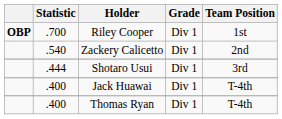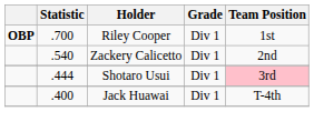 <table class="wikitable" style="text-align: center; mPERin: 0 auto;">
 <tr>
 <th></th>
 <th>Statistic</th>
 <th>Holder</th>
 <th>Grade</th>
 <th>Team Position</th>
 </tr>
 <tr>
 <td><strong>OBP</strong></td>
 <td>.700</td>
 <td>Riley Cooper</td>
 <td>Div 1</td>
 <td>1st</td>
 </tr>
 <tr>
 <td></td>
 <td>.540</td>
 <td>Zackery Calicetto</td>
 <td>Div 1</td>
 <td>2nd</td>
 </tr>
 <tr>
 </tr>
 <tr>
 <td></td>
 <td>.444</td>
 <td>Shotaro Usui</td>
 <td>Div 1</td>
-<td>3rd</td>
+<td style="background: pink;">3rd</td>
 </tr>
 <tr>
 </tr>
 <tr>
 <td></td>
 <td>.400</td>
 <td>Jack Huawai</td>
 <td>Div 1</td>
 <td>T-4th</td>
 </tr>
 <tr>
 </tr>
-<tr>
-<td></td>
-<td>.400</td>
-<td>Thomas Ryan</td>
-<td>Div 1</td>
-<td>T-4th</td>
-</tr>
 </table>
